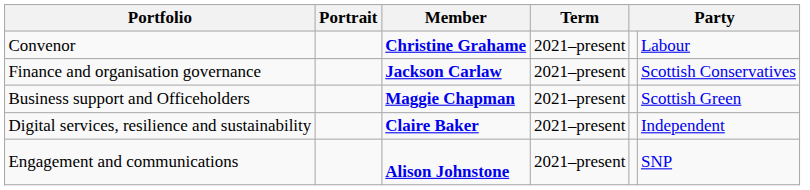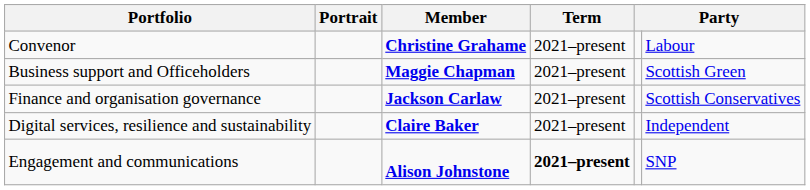 <table class="wikitable">
 <tr>
 <th>Portfolio</th>
 <th>Portrait</th>
 <th>Member</th>
 <th>Term</th>
 <th colspan="2">Party</th>
 </tr>
 <tr>
 <td>Convenor</td>
 <td></td>
 <td><strong><a href='#'>Christine Grahame</a></strong> </td>
 <td>2021–present</td>
 <td ! style="background-color: "></td>
 <td><a href='#'>Labour</a></td>
 </tr>
 <tr>
+<td>Business support and Officeholders</td>
+<td></td>
+<td><strong><a href='#'>Maggie Chapman</a></strong> </td>
+<td>2021–present</td>
+<td ! style="background-color: "></td>
+<td><a href='#'>Scottish Green</a></td>
+</tr>
+<tr>
 <td>Finance and organisation governance</td>
 <td></td>
 <td><strong><a href='#'>Jackson Carlaw</a></strong> </td>
 <td>2021–present</td>
 <td ! style="background-color: "></td>
 <td><a href='#'>Scottish Conservatives</a></td>
-</tr>
-<tr>
-<td>Business support and Officeholders</td>
-<td></td>
-<td><strong><a href='#'>Maggie Chapman</a></strong> </td>
-<td>2021–present</td>
-<td ! style="background-color: "></td>
-<td><a href='#'>Scottish Green</a></td>
 </tr>
 <tr>
 <td>Digital services, resilience and sustainability</td>
 <td></td>
 <td><strong><a href='#'>Claire Baker</a></strong> </td>
 <td>2021–present</td>
 <td ! style="background-color: "></td>
 <td><a href='#'>Independent</a></td>
 </tr>
 <tr>
 <td>Engagement and communications</td>
 <td></td>
 <td><br><strong><a href='#'>Alison Johnstone</a></strong> </td>
-<td>2021–present</td>
+<td><strong>2021–present</strong></td>
 <td ! style="background-color: "></td>
 <td><a href='#'>SNP</a></td>
 </tr>
 </table>
